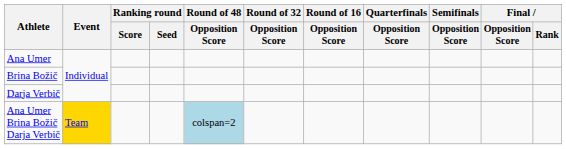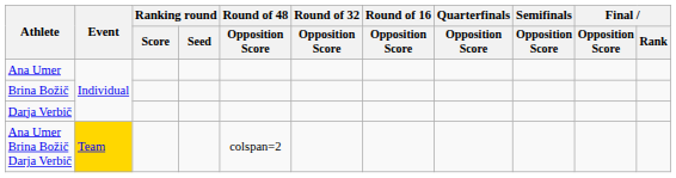 <table class="wikitable" style="font-size:90%">
 <tr>
 <th rowspan=2>Athlete</th>
 <th rowspan=2>Event</th>
 <th colspan=2>Ranking round</th>
 <th>Round of 48</th>
 <th>Round of 32</th>
 <th>Round of 16</th>
 <th>Quarterfinals</th>
 <th>Semifinals</th>
 <th colspan=2>Final / </th>
 </tr>
 <tr style="font-size:95%">
 <th>Score</th>
 <th>Seed</th>
 <th>Opposition<br>Score</th>
 <th>Opposition<br>Score</th>
 <th>Opposition<br>Score</th>
 <th>Opposition<br>Score</th>
 <th>Opposition<br>Score</th>
 <th>Opposition<br>Score</th>
 <th>Rank</th>
 </tr>
 <tr align=center>
 <td align=left><a href='#'>Ana Umer</a></td>
 <td align=left rowspan=3><a href='#'>Individual</a></td>
 <td></td>
 <td></td>
 <td></td>
 <td></td>
 <td></td>
 <td></td>
 <td></td>
 <td></td>
 <td></td>
 </tr>
 <tr align=center>
 <td align=left><a href='#'>Brina Božič</a></td>
 <td></td>
 <td></td>
 <td></td>
 <td></td>
 <td></td>
 <td></td>
 <td></td>
 <td></td>
 <td></td>
 </tr>
 <tr align=center>
 <td align=left><a href='#'>Darja Verbič</a></td>
 <td></td>
 <td></td>
 <td></td>
 <td></td>
 <td></td>
 <td></td>
 <td></td>
 <td></td>
 <td></td>
 </tr>
 <tr align=center>
 <td align=left><a href='#'>Ana Umer</a><br><a href='#'>Brina Božič</a><br><a href='#'>Darja Verbič</a></td>
 <td align=left style="background: gold;"><a href='#'>Team</a></td>
 <td></td>
 <td></td>
-<td style="background: lightblue;">colspan=2 </td>
+<td>colspan=2 </td>
 <td></td>
 <td></td>
 <td></td>
 <td></td>
 <td></td>
 </tr>
 </table>
